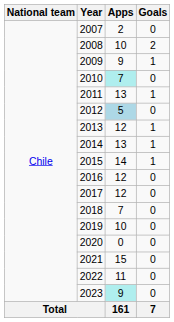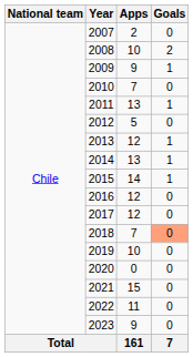 <table class="wikitable" style="text-align:center">
 <tr>
 <th>National team</th>
 <th>Year</th>
 <th>Apps</th>
 <th>Goals</th>
 </tr>
 <tr>
 <td rowspan="17"><a href='#'>Chile</a></td>
 <td>2007</td>
 <td>2</td>
 <td>0</td>
 </tr>
 <tr>
 <td>2008</td>
 <td>10</td>
 <td>2</td>
 </tr>
 <tr>
 <td>2009</td>
 <td>9</td>
 <td>1</td>
 </tr>
 <tr>
 <td>2010</td>
-<td style="background: paleturquoise;">7</td>
+<td>7</td>
 <td>0</td>
 </tr>
 <tr>
 <td>2011</td>
 <td>13</td>
 <td>1</td>
 </tr>
 <tr>
 <td>2012</td>
-<td style="background: lightblue;">5</td>
+<td>5</td>
 <td>0</td>
 </tr>
 <tr>
 <td>2013</td>
 <td>12</td>
 <td>1</td>
 </tr>
 <tr>
 <td>2014</td>
 <td>13</td>
 <td>1</td>
 </tr>
 <tr>
 <td>2015</td>
 <td>14</td>
 <td>1</td>
 </tr>
 <tr>
 <td>2016</td>
 <td>12</td>
 <td>0</td>
 </tr>
 <tr>
 <td>2017</td>
 <td>12</td>
 <td>0</td>
 </tr>
 <tr>
 <td>2018</td>
 <td>7</td>
-<td>0</td>
+<td style="background: lightsalmon;">0</td>
 </tr>
 <tr>
 <td>2019</td>
 <td>10</td>
 <td>0</td>
 </tr>
 <tr>
 <td>2020</td>
 <td>0</td>
 <td>0</td>
 </tr>
 <tr>
 <td>2021</td>
 <td>15</td>
 <td>0</td>
 </tr>
 <tr>
 <td>2022</td>
 <td>11</td>
 <td>0</td>
 </tr>
 <tr>
 <td>2023</td>
-<td style="background: paleturquoise;">9</td>
+<td>9</td>
 <td>0</td>
 </tr>
 <tr>
 <th colspan="2">Total</th>
 <th>161</th>
 <th>7</th>
 </tr>
 </table>
